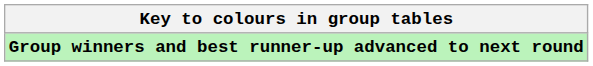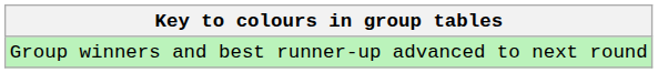 <table class="wikitable">
 <tr>
 <th>Key to colours in group tables</th>
 </tr>
 <tr bgcolor="#bbf3bb">
-<td><strong>Group winners and best runner-up advanced to next round</strong></td>
+<td>Group winners and best runner-up advanced to next round</td>
 </tr>
 </table>
